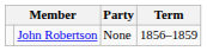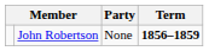 <table class="wikitable">
 <tr>
 <th colspan="2">Member</th>
 <th>Party</th>
 <th>Term</th>
 </tr>
 <tr>
 <td> </td>
 <td><a href='#'>John Robertson</a></td>
 <td>None</td>
-<td>1856–1859</td>
+<td><strong>1856–1859</strong></td>
 </tr>
 </table>
